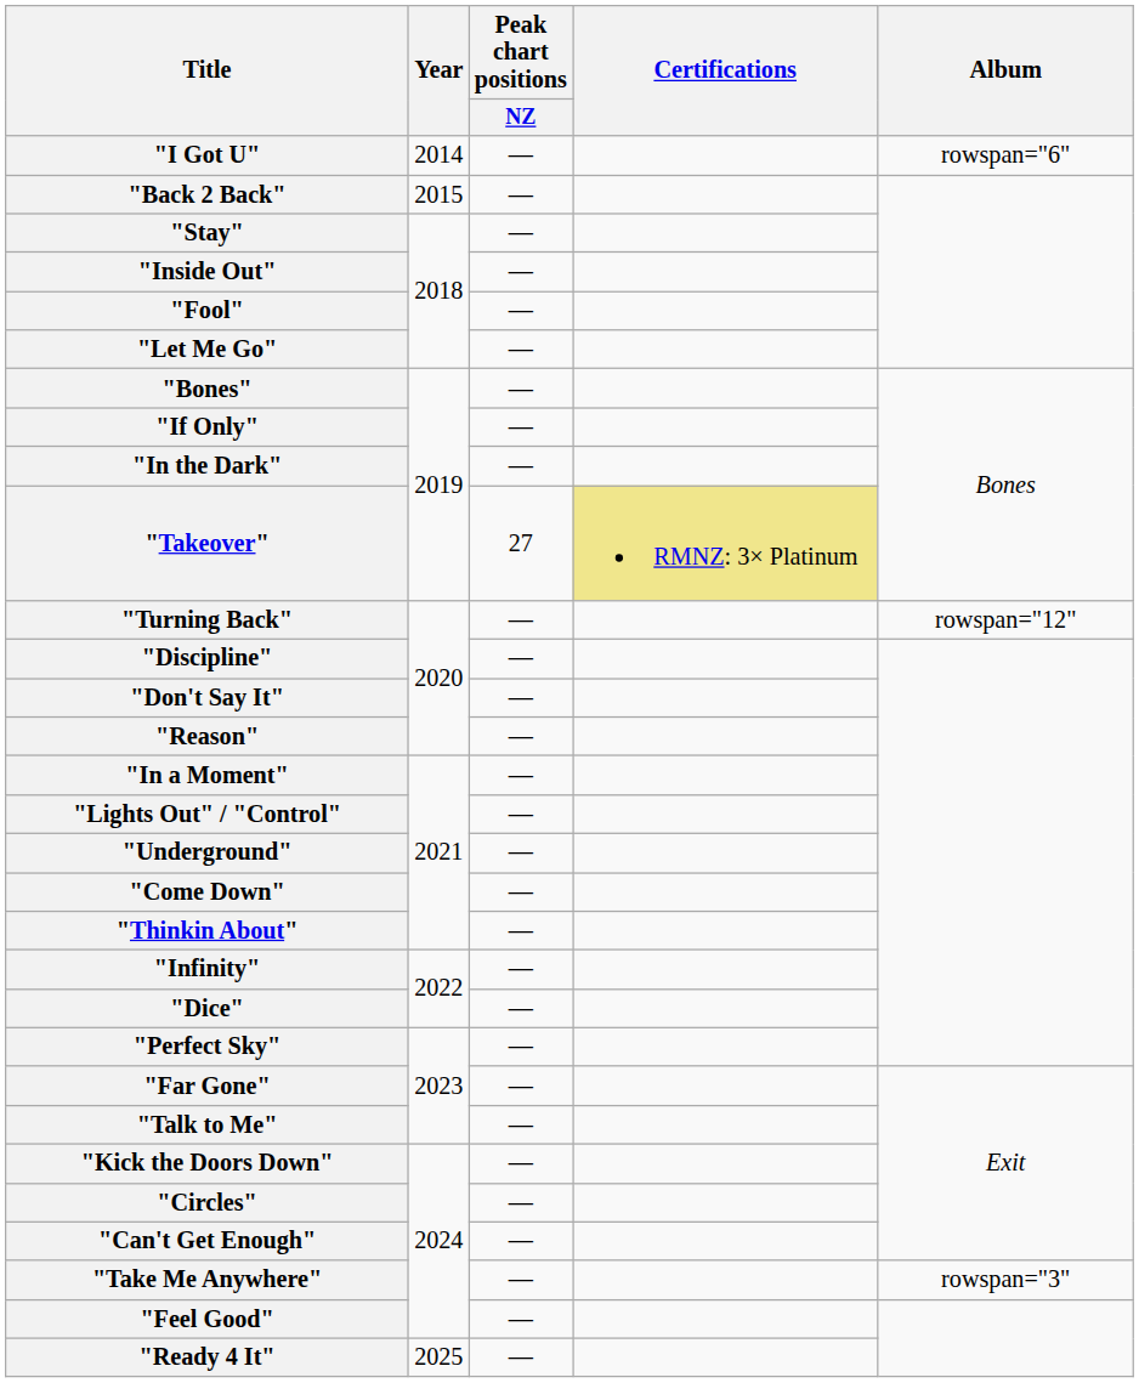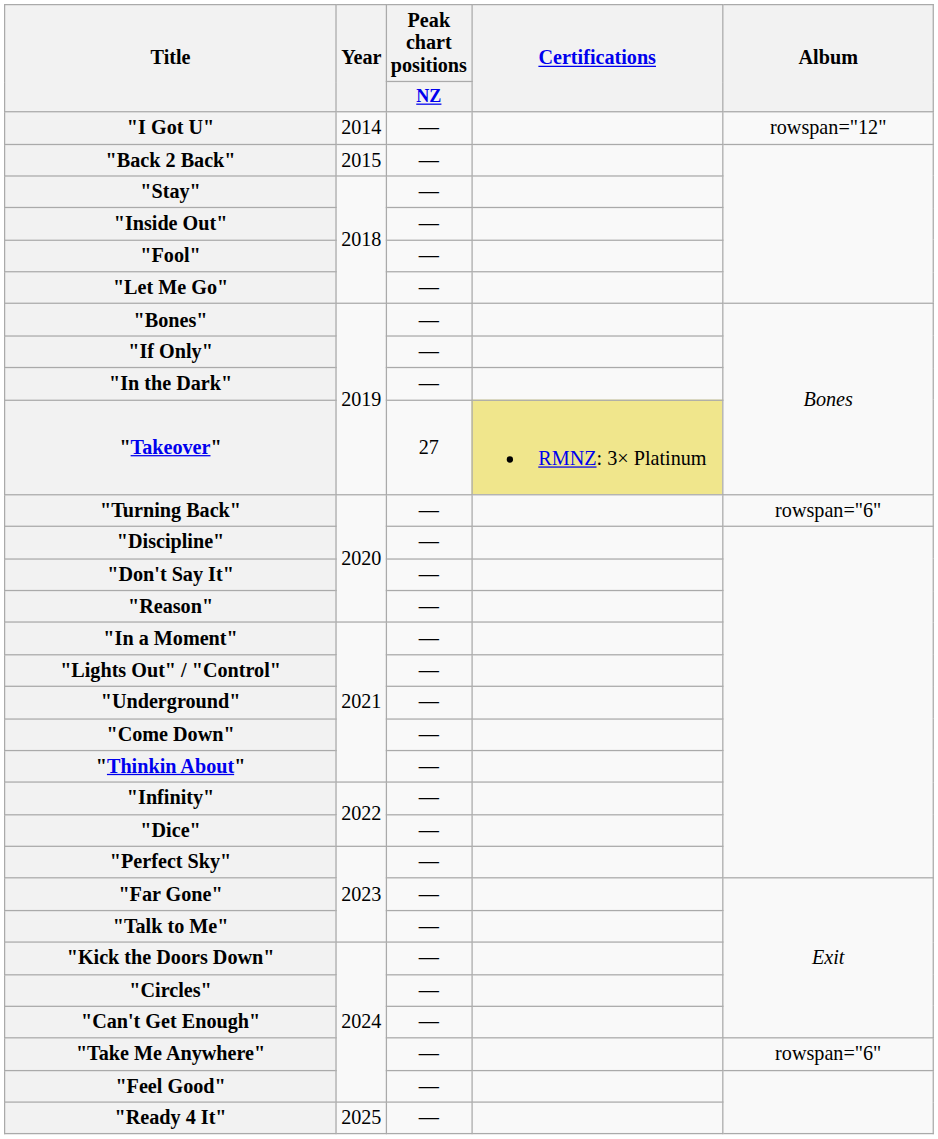 <table class="wikitable plainrowheaders" style="text-align:center;">
 <tr>
 <th scope="col" rowspan="2" style="width:16em;">Title</th>
 <th scope="col" rowspan="2" style="width:1em;">Year</th>
 <th scope="col" colspan="1">Peak chart positions</th>
 <th scope="col" rowspan="2" style="width:12em;"><a href='#'>Certifications</a></th>
 <th scope="col" rowspan="2" style="width:10em;">Album</th>
 </tr>
 <tr>
 <th scope="col" style="width:3em;font-size:90%;"><a href='#'>NZ</a><br></th>
 </tr>
 <tr>
 <th scope="row">"I Got U"</th>
 <td>2014</td>
 <td>—</td>
 <td></td>
-<td>rowspan="6" </td>
+<td>rowspan="12" </td>
 </tr>
 <tr>
 <th scope="row">"Back 2 Back"</th>
 <td>2015</td>
 <td>—</td>
 <td></td>
 </tr>
 <tr>
 <th scope="row">"Stay"<br></th>
 <td rowspan="4">2018</td>
 <td>—</td>
 <td></td>
 </tr>
 <tr>
 <th scope="row">"Inside Out"<br></th>
 <td>—</td>
 <td></td>
 </tr>
 <tr>
 <th scope="row">"Fool"</th>
 <td>—</td>
 <td></td>
 </tr>
 <tr>
 <th scope="row">"Let Me Go"<br></th>
 <td>—</td>
 <td></td>
 </tr>
 <tr>
 <th scope="row">"Bones"<br></th>
 <td rowspan="4">2019</td>
 <td>—</td>
 <td></td>
 <td rowspan="4"><em>Bones</em></td>
 </tr>
 <tr>
 <th scope="row">"If Only"</th>
 <td>—</td>
 <td></td>
 </tr>
 <tr>
 <th scope="row">"In the Dark"<br></th>
 <td>—</td>
 <td></td>
 </tr>
 <tr>
 <th scope="row">"<a href='#'>Takeover</a>"<br></th>
 <td>27</td>
 <td style="background: khaki;"><br><ul><li><a href='#'>RMNZ</a>: 3× Platinum</li></ul></td>
 </tr>
 <tr>
 <th scope="row">"Turning Back"</th>
 <td rowspan="4">2020</td>
 <td>—</td>
 <td></td>
-<td>rowspan="12" </td>
+<td>rowspan="6" </td>
 </tr>
 <tr>
 <th scope="row">"Discipline"<br></th>
 <td>—</td>
 <td></td>
 </tr>
 <tr>
 <th scope="row">"Don't Say It"<br></th>
 <td>—</td>
 <td></td>
 </tr>
 <tr>
 <th scope="row">"Reason"<br></th>
 <td>—</td>
 <td></td>
 </tr>
 <tr>
 <th scope="row">"In a Moment"<br></th>
 <td rowspan="5">2021</td>
 <td>—</td>
 <td></td>
 </tr>
 <tr>
 <th scope="row">"Lights Out" / "Control"</th>
 <td>—</td>
 <td></td>
 </tr>
 <tr>
 <th scope="row">"Underground"<br></th>
 <td>—</td>
 <td></td>
 </tr>
 <tr>
 <th scope="row">"Come Down"<br></th>
 <td>—</td>
 <td></td>
 </tr>
 <tr>
 <th scope="row">"<a href='#'>Thinkin About</a>"<br></th>
 <td>—</td>
 <td></td>
 </tr>
 <tr>
 <th scope="row">"Infinity"<br></th>
 <td rowspan="2">2022</td>
 <td>—</td>
 <td></td>
 </tr>
 <tr>
 <th scope="row">"Dice"<br></th>
 <td>—</td>
 <td></td>
 </tr>
 <tr>
 <th scope="row">"Perfect Sky"<br></th>
 <td rowspan="3">2023</td>
 <td>—</td>
 <td></td>
 </tr>
 <tr>
 <th scope="row">"Far Gone"<br></th>
 <td>—</td>
 <td></td>
 <td rowspan="5"><em>Exit</em></td>
 </tr>
 <tr>
 <th scope="row">"Talk to Me"</th>
 <td>—</td>
 <td></td>
 </tr>
 <tr>
 <th scope="row">"Kick the Doors Down"<br></th>
 <td rowspan="5">2024</td>
 <td>—</td>
 <td></td>
 </tr>
 <tr>
 <th scope="row">"Circles"<br></th>
 <td>—</td>
 <td></td>
 </tr>
 <tr>
 <th scope="row">"Can't Get Enough"<br></th>
 <td>—</td>
 <td></td>
 </tr>
 <tr>
 <th scope="row">"Take Me Anywhere"<br></th>
 <td>—</td>
 <td></td>
-<td>rowspan="3" </td>
+<td>rowspan="6" </td>
 </tr>
 <tr>
 <th scope="row">"Feel Good"<br></th>
 <td>—</td>
 <td></td>
 </tr>
 <tr>
 <th scope="row">"Ready 4 It"</th>
 <td>2025</td>
 <td>—</td>
 <td></td>
 </tr>
 </table>
